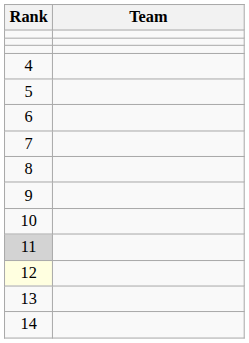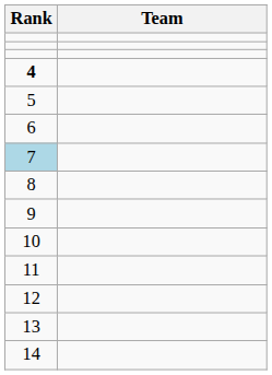 <table class="wikitable" style="text-align: left;">
 <tr>
 <th width=40>Rank</th>
 <th width=180>Team</th>
 </tr>
 <tr>
 <td align=center></td>
 <td></td>
 </tr>
 <tr>
 <td align=center></td>
 <td></td>
 </tr>
 <tr>
 <td align=center></td>
 <td></td>
 </tr>
 <tr>
-<td align=center>4</td>
+<td align=center><strong>4</strong></td>
 <td></td>
 </tr>
 <tr>
 <td align=center>5</td>
 <td></td>
 </tr>
 <tr>
 <td align=center>6</td>
 <td></td>
 </tr>
 <tr>
-<td align=center>7</td>
+<td align=center style="background: lightblue;">7</td>
 <td></td>
 </tr>
 <tr>
 <td align=center>8</td>
 <td></td>
 </tr>
 <tr>
 <td align=center>9</td>
 <td></td>
 </tr>
 <tr>
 <td align=center>10</td>
 <td></td>
 </tr>
 <tr>
-<td align=center style="background: lightgrey;">11</td>
+<td align=center>11</td>
 <td></td>
 </tr>
 <tr>
-<td align=center style="background: lightyellow;">12</td>
+<td align=center>12</td>
 <td></td>
 </tr>
 <tr>
 <td align=center>13</td>
 <td></td>
 </tr>
 <tr>
 <td align=center>14</td>
 <td></td>
 </tr>
 </table>
